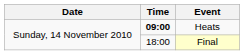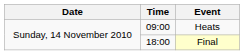 <table class = "wikitable" style="text-align:center;">
 <tr>
 <th width=220>Date</th>
 <th width=50>Time</th>
 <th width=100>Event</th>
 </tr>
 <tr>
 <td rowspan=2>Sunday, 14 November 2010</td>
-<td><strong>09:00</strong></td>
+<td>09:00</td>
 <td>Heats</td>
 </tr>
 <tr>
 <td>18:00</td>
 <td bgcolor=ffffcc>Final</td>
 </tr>
 </table>
